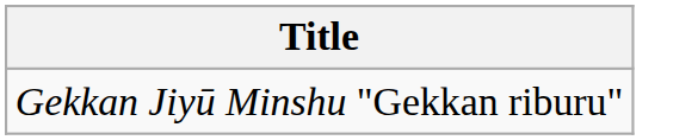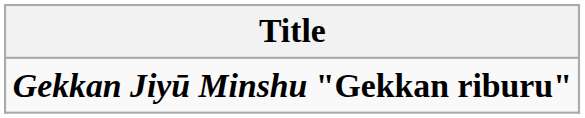 <table class="wikitable">
 <tr>
 <th>Title</th>
 </tr>
 <tr>
-<td><em>Gekkan Jiyū Minshu</em> "Gekkan riburu"</td>
+<td><strong><em>Gekkan Jiyū Minshu</em> "Gekkan riburu"</strong></td>
 </tr>
 </table>
